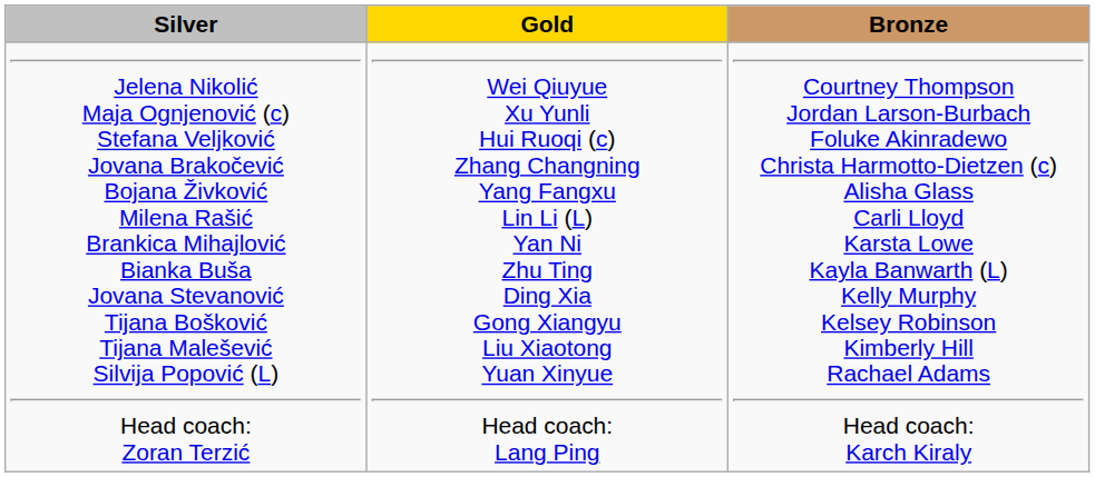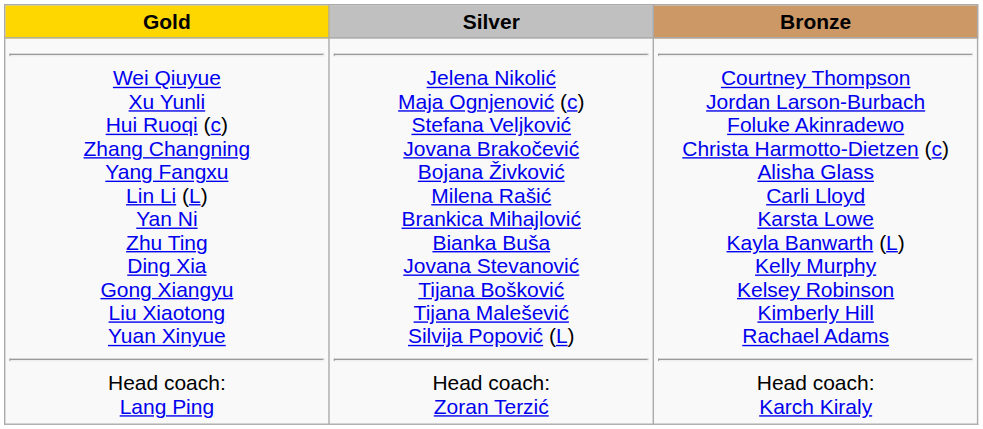 <table class="wikitable" style="text-align:center;font-size:95%;">
 <tr>
+<th style="width:15em;background:gold">Gold</th>
 <th style="width:15em;background:silver">Silver</th>
-<th style="width:15em;background:gold">Gold</th>
 <th style="width:15em;background:#CC9966">Bronze</th>
 </tr>
 <tr>
+<td><hr><a href='#'>Wei Qiuyue</a><br><a href='#'>Xu Yunli</a><br><a href='#'>Hui Ruoqi</a> (<a href='#'>c</a>)<br><a href='#'>Zhang Changning</a><br><a href='#'>Yang Fangxu</a><br><a href='#'>Lin Li</a> (<a href='#'>L</a>)<br><a href='#'>Yan Ni</a><br><a href='#'>Zhu Ting</a><br><a href='#'>Ding Xia</a><br><a href='#'>Gong Xiangyu</a><br><a href='#'>Liu Xiaotong</a><br><a href='#'>Yuan Xinyue</a><br><hr>Head coach:<br><a href='#'>Lang Ping</a></td>
 <td><hr><a href='#'>Jelena Nikolić</a><br><a href='#'>Maja Ognjenović</a> (<a href='#'>c</a>)<br><a href='#'>Stefana Veljković</a><br><a href='#'>Jovana Brakočević</a><br><a href='#'>Bojana Živković</a><br><a href='#'>Milena Rašić</a><br><a href='#'>Brankica Mihajlović</a><br><a href='#'>Bianka Buša</a><br><a href='#'>Jovana Stevanović</a><br><a href='#'>Tijana Bošković</a><br><a href='#'>Tijana Malešević</a><br><a href='#'>Silvija Popović</a> (<a href='#'>L</a>)<br><hr>Head coach:<br><a href='#'>Zoran Terzić</a></td>
-<td><hr><a href='#'>Wei Qiuyue</a><br><a href='#'>Xu Yunli</a><br><a href='#'>Hui Ruoqi</a> (<a href='#'>c</a>)<br><a href='#'>Zhang Changning</a><br><a href='#'>Yang Fangxu</a><br><a href='#'>Lin Li</a> (<a href='#'>L</a>)<br><a href='#'>Yan Ni</a><br><a href='#'>Zhu Ting</a><br><a href='#'>Ding Xia</a><br><a href='#'>Gong Xiangyu</a><br><a href='#'>Liu Xiaotong</a><br><a href='#'>Yuan Xinyue</a><br><hr>Head coach:<br><a href='#'>Lang Ping</a></td>
 <td><hr><a href='#'>Courtney Thompson</a><br><a href='#'>Jordan Larson-Burbach</a><br><a href='#'>Foluke Akinradewo</a><br><a href='#'>Christa Harmotto-Dietzen</a> (<a href='#'>c</a>)<br><a href='#'>Alisha Glass</a><br><a href='#'>Carli Lloyd</a><br><a href='#'>Karsta Lowe</a><br><a href='#'>Kayla Banwarth</a> (<a href='#'>L</a>)<br><a href='#'>Kelly Murphy</a><br><a href='#'>Kelsey Robinson</a><br><a href='#'>Kimberly Hill</a><br><a href='#'>Rachael Adams</a><br><hr>Head coach:<br><a href='#'>Karch Kiraly</a></td>
 </tr>
 </table>
